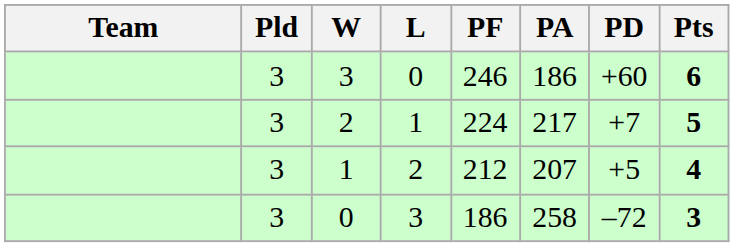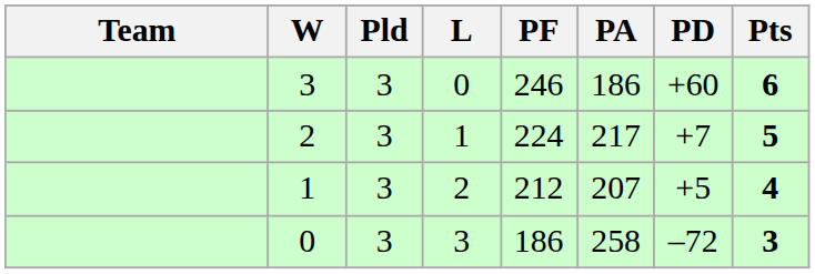 <table class="wikitable" style="text-align:center;">
 <tr>
 <th width=120>Team</th>
+<th width=30>W</th>
 <th width=30>Pld</th>
-<th width=30>W</th>
 <th width=30>L</th>
 <th width=30>PF</th>
 <th width=30>PA</th>
 <th width=30>PD</th>
 <th width=30>Pts</th>
 </tr>
 <tr bgcolor="#ccffcc">
 <td align="left"></td>
 <td>3</td>
 <td>3</td>
 <td>0</td>
 <td>246</td>
 <td>186</td>
 <td>+60</td>
 <td><strong>6</strong></td>
 </tr>
 <tr bgcolor="#ccffcc">
 <td align="left"></td>
+<td>2</td>
 <td>3</td>
-<td>2</td>
 <td>1</td>
 <td>224</td>
 <td>217</td>
 <td>+7</td>
 <td><strong>5</strong></td>
 </tr>
 <tr bgcolor="#ccffcc">
 <td align="left"></td>
+<td>1</td>
 <td>3</td>
-<td>1</td>
 <td>2</td>
 <td>212</td>
 <td>207</td>
 <td>+5</td>
 <td><strong>4</strong></td>
 </tr>
 <tr bgcolor="#ccffcc">
 <td align="left"></td>
+<td>0</td>
 <td>3</td>
-<td>0</td>
 <td>3</td>
 <td>186</td>
 <td>258</td>
 <td>–72</td>
 <td><strong>3</strong></td>
 </tr>
 </table>
